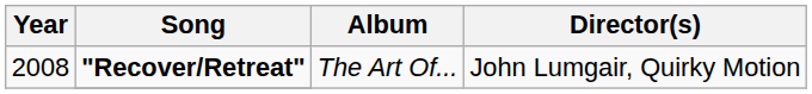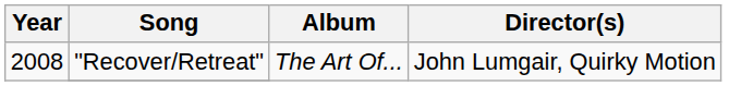 <table class="wikitable">
 <tr>
 <th>Year</th>
 <th>Song</th>
 <th>Album</th>
 <th>Director(s)</th>
 </tr>
 <tr>
 <td rowspan="2">2008</td>
-<td><strong>"Recover/Retreat"</strong></td>
+<td>"Recover/Retreat"</td>
 <td rowspan="4"><em>The Art Of...</em></td>
 <td rowspan="8">John Lumgair, Quirky Motion</td>
 </tr>
 <tr>
 </tr>
 </table>
